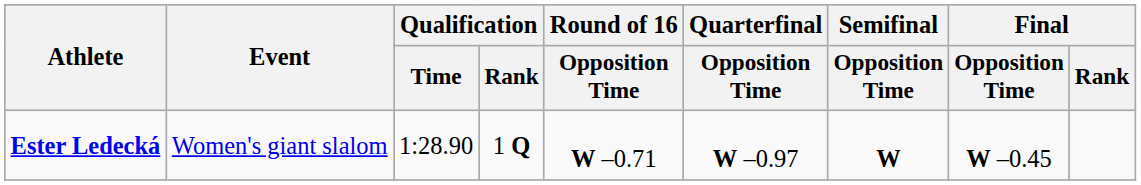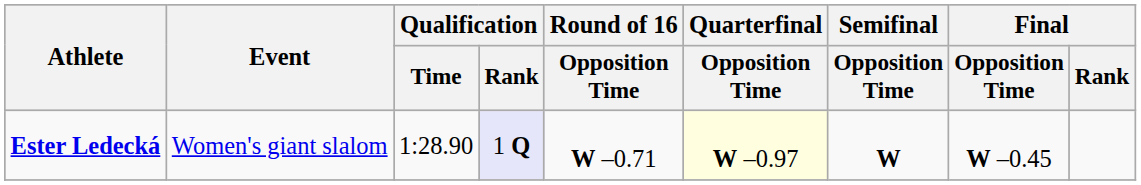 <table class="wikitable" style="font-size:90%">
 <tr>
 <th rowspan="2">Athlete</th>
 <th rowspan="2">Event</th>
 <th colspan="2">Qualification</th>
 <th>Round of 16</th>
 <th>Quarterfinal</th>
 <th>Semifinal</th>
 <th colspan=2>Final</th>
 </tr>
 <tr style="font-size:95%">
 <th>Time</th>
 <th>Rank</th>
 <th>Opposition<br>Time</th>
 <th>Opposition<br>Time</th>
 <th>Opposition<br>Time</th>
 <th>Opposition<br>Time</th>
 <th>Rank</th>
 </tr>
 <tr align="center">
 <td align="left"><strong><a href='#'>Ester Ledecká</a></strong></td>
 <td align=left><a href='#'>Women's giant slalom</a></td>
 <td>1:28.90</td>
-<td>1 <strong>Q</strong></td>
+<td style="background: lavender;">1 <strong>Q</strong></td>
 <td><br><strong>W</strong> –0.71</td>
-<td><br><strong>W</strong> –0.97</td>
+<td style="background: lightyellow;"><br><strong>W</strong> –0.97</td>
 <td><br><strong>W</strong> </td>
 <td><br><strong>W</strong> –0.45</td>
 <td></td>
 </tr>
 </table>
